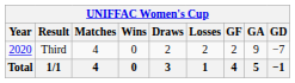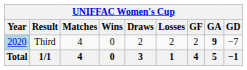 <table class="wikitable" style="text-align: center;">
 <tr>
 <th colspan=9><strong><a href='#'>UNIFFAC Women's Cup</a> </strong></th>
 </tr>
 <tr>
 <th>Year</th>
 <th>Result</th>
 <th>Matches</th>
 <th>Wins</th>
 <th>Draws</th>
 <th>Losses</th>
 <th>GF</th>
 <th>GA</th>
 <th>GD</th>
 </tr>
 <tr>
-<td><a href='#'>2020</a></td>
+<td style="background: lightblue;"><a href='#'>2020</a></td>
 <td>Third</td>
 <td>4</td>
 <td>0</td>
 <td>2</td>
 <td>2</td>
 <td>2</td>
-<td>9</td>
+<td><strong>9</strong></td>
 <td>−7</td>
 </tr>
 <tr>
 <th>Total</th>
 <th>1/1</th>
 <th>4</th>
 <th>0</th>
 <th>3</th>
 <th>1</th>
 <th>4</th>
 <th>5</th>
 <th>−1</th>
 </tr>
 </table>
